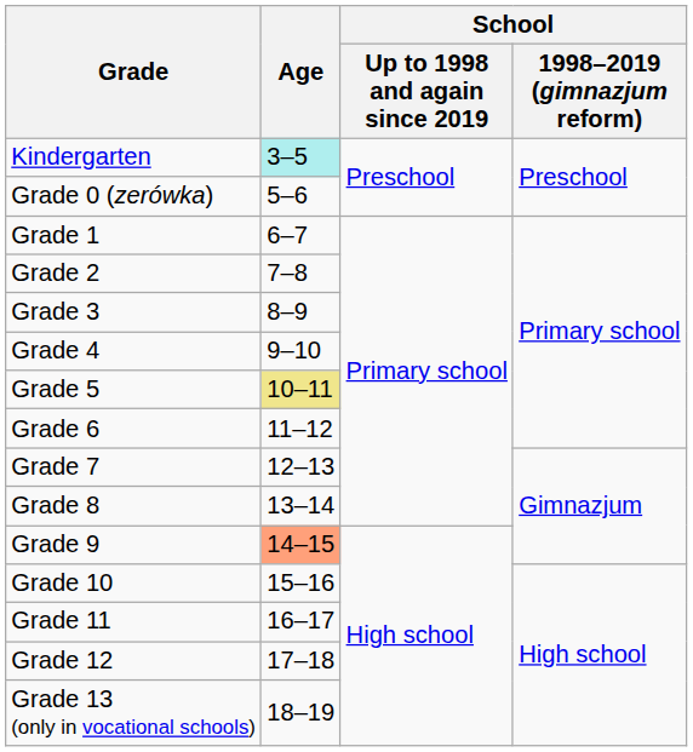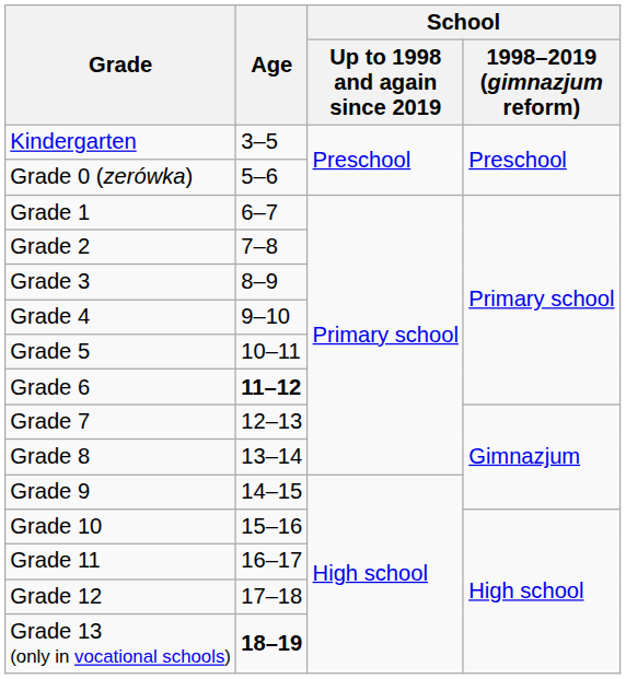 <table class="wikitable">
 <tr>
 <th rowspan=2>Grade</th>
 <th rowspan=2>Age</th>
 <th colspan=2>School</th>
 </tr>
 <tr>
 <th>Up to 1998<br>and again<br>since 2019</th>
 <th>1998–2019<br>(<em>gimnazjum</em><br>reform)</th>
 </tr>
 <tr>
 <td><a href='#'>Kindergarten</a></td>
-<td style="background: paleturquoise;">3–5</td>
+<td>3–5</td>
 <td rowspan="2"><a href='#'>Preschool</a></td>
 <td rowspan="2"><a href='#'>Preschool</a></td>
 </tr>
 <tr>
 <td>Grade 0 (<em>zerówka</em>)</td>
 <td>5–6</td>
 </tr>
 <tr>
 <td>Grade 1</td>
 <td>6–7</td>
 <td rowspan="8"><a href='#'>Primary school</a></td>
 <td rowspan="6"><a href='#'>Primary school</a></td>
 </tr>
 <tr>
 <td>Grade 2</td>
 <td>7–8</td>
 </tr>
 <tr>
 <td>Grade 3</td>
 <td>8–9</td>
 </tr>
 <tr>
 <td>Grade 4</td>
 <td>9–10</td>
 </tr>
 <tr>
 <td>Grade 5</td>
-<td style="background: khaki;">10–11</td>
+<td>10–11</td>
 </tr>
 <tr>
 <td>Grade 6</td>
-<td>11–12</td>
+<td><strong>11–12</strong></td>
 </tr>
 <tr>
 <td>Grade 7</td>
 <td>12–13</td>
 <td rowspan="3"><a href='#'>Gimnazjum</a></td>
 </tr>
 <tr>
 <td>Grade 8</td>
 <td>13–14</td>
 </tr>
 <tr>
 <td>Grade 9</td>
-<td style="background: lightsalmon;">14–15</td>
+<td>14–15</td>
 <td rowspan="5"><a href='#'>High school</a></td>
 </tr>
 <tr>
 <td>Grade 10</td>
 <td>15–16</td>
 <td rowspan="4"><a href='#'>High school</a></td>
 </tr>
 <tr>
 <td>Grade 11</td>
 <td>16–17</td>
 </tr>
 <tr>
 <td>Grade 12</td>
 <td>17–18</td>
 </tr>
 <tr>
 <td>Grade 13<br><small>(only in <a href='#'>vocational schools</a>)</small></td>
-<td>18–19</td>
+<td><strong>18–19</strong></td>
 </tr>
 </table>
